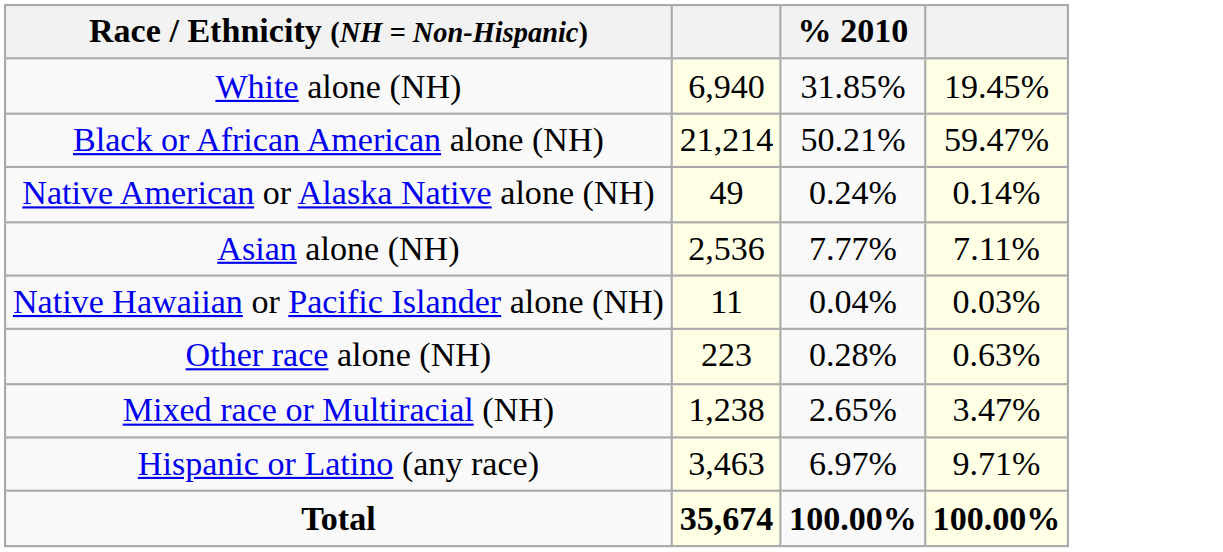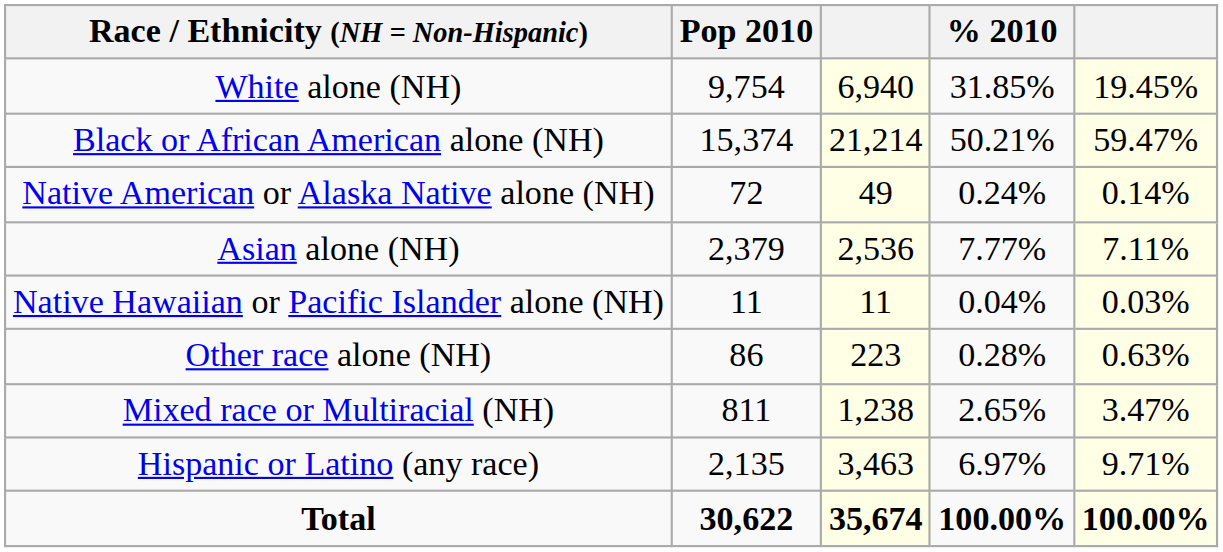 <table class="wikitable" style="text-align:center;">
 <tr>
 <th>Race / Ethnicity <small>(<em>NH = Non-Hispanic</em>)</small></th>
+<th>Pop 2010</th>
 <th></th>
 <th>% 2010</th>
 <th></th>
 </tr>
 <tr>
 <td><a href='#'>White</a> alone (NH)</td>
+<td>9,754</td>
 <td style='background: #ffffe6;'>6,940</td>
 <td>31.85%</td>
 <td style='background: #ffffe6;'>19.45%</td>
 </tr>
 <tr>
 <td><a href='#'>Black or African American</a> alone (NH)</td>
+<td>15,374</td>
 <td style='background: #ffffe6;'>21,214</td>
 <td>50.21%</td>
 <td style='background: #ffffe6;'>59.47%</td>
 </tr>
 <tr>
 <td><a href='#'>Native American</a> or <a href='#'>Alaska Native</a> alone (NH)</td>
+<td>72</td>
 <td style='background: #ffffe6;'>49</td>
 <td>0.24%</td>
 <td style='background: #ffffe6;'>0.14%</td>
 </tr>
 <tr>
 <td><a href='#'>Asian</a> alone (NH)</td>
+<td>2,379</td>
 <td style='background: #ffffe6;'>2,536</td>
 <td>7.77%</td>
 <td style='background: #ffffe6;'>7.11%</td>
 </tr>
 <tr>
 <td><a href='#'>Native Hawaiian</a> or <a href='#'>Pacific Islander</a> alone (NH)</td>
+<td>11</td>
 <td style='background: #ffffe6;'>11</td>
 <td>0.04%</td>
 <td style='background: #ffffe6;'>0.03%</td>
 </tr>
 <tr>
 <td><a href='#'>Other race</a> alone (NH)</td>
+<td>86</td>
 <td style='background: #ffffe6;'>223</td>
 <td>0.28%</td>
 <td style='background: #ffffe6;'>0.63%</td>
 </tr>
 <tr>
 <td><a href='#'>Mixed race or Multiracial</a> (NH)</td>
+<td>811</td>
 <td style='background: #ffffe6;'>1,238</td>
 <td>2.65%</td>
 <td style='background: #ffffe6;'>3.47%</td>
 </tr>
 <tr>
 <td><a href='#'>Hispanic or Latino</a> (any race)</td>
+<td>2,135</td>
 <td style='background: #ffffe6;'>3,463</td>
 <td>6.97%</td>
 <td style='background: #ffffe6;'>9.71%</td>
 </tr>
 <tr>
 <td><strong>Total</strong></td>
+<td><strong>30,622</strong></td>
 <td style='background: #ffffe6;'><strong>35,674</strong></td>
 <td><strong>100.00%</strong></td>
 <td style='background: #ffffe6;'><strong>100.00%</strong></td>
 </tr>
 </table>
